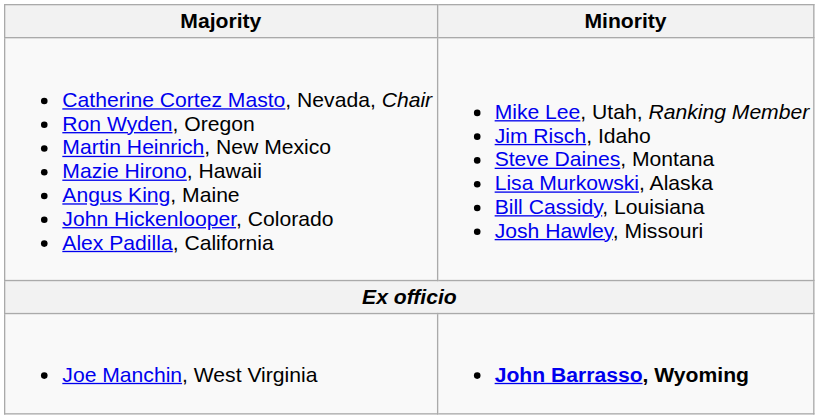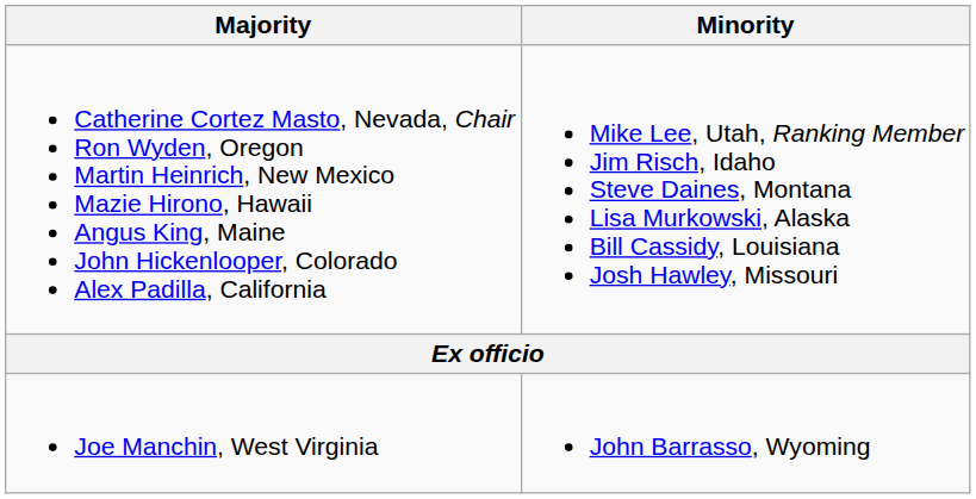 <table class=wikitable>
 <tr>
 <th>Majority</th>
 <th>Minority</th>
 </tr>
 <tr>
 <td><br><ul><li><a href='#'>Catherine Cortez Masto</a>, Nevada, <em>Chair</em></li><li><a href='#'>Ron Wyden</a>, Oregon</li><li><a href='#'>Martin Heinrich</a>, New Mexico</li><li><a href='#'>Mazie Hirono</a>, Hawaii</li><li><span><a href='#'>Angus King</a>, Maine</span></li><li><a href='#'>John Hickenlooper</a>, Colorado</li><li><a href='#'>Alex Padilla</a>, California</li></ul></td>
 <td><br><ul><li><a href='#'>Mike Lee</a>, Utah, <em>Ranking Member</em></li><li><a href='#'>Jim Risch</a>, Idaho</li><li><a href='#'>Steve Daines</a>, Montana</li><li><a href='#'>Lisa Murkowski</a>, Alaska</li><li><a href='#'>Bill Cassidy</a>, Louisiana</li><li><a href='#'>Josh Hawley</a>, Missouri</li></ul></td>
 </tr>
 <tr>
 <th colspan=2><em>Ex officio </em></th>
 </tr>
 <tr>
 <td><br><ul><li><span><a href='#'>Joe Manchin</a>, West Virginia</span></li></ul></td>
-<td><strong><br><ul><li><a href='#'>John Barrasso</a>, Wyoming</li></ul></strong></td>
+<td><br><ul><li><a href='#'>John Barrasso</a>, Wyoming</li></ul></td>
 </tr>
 </table>
